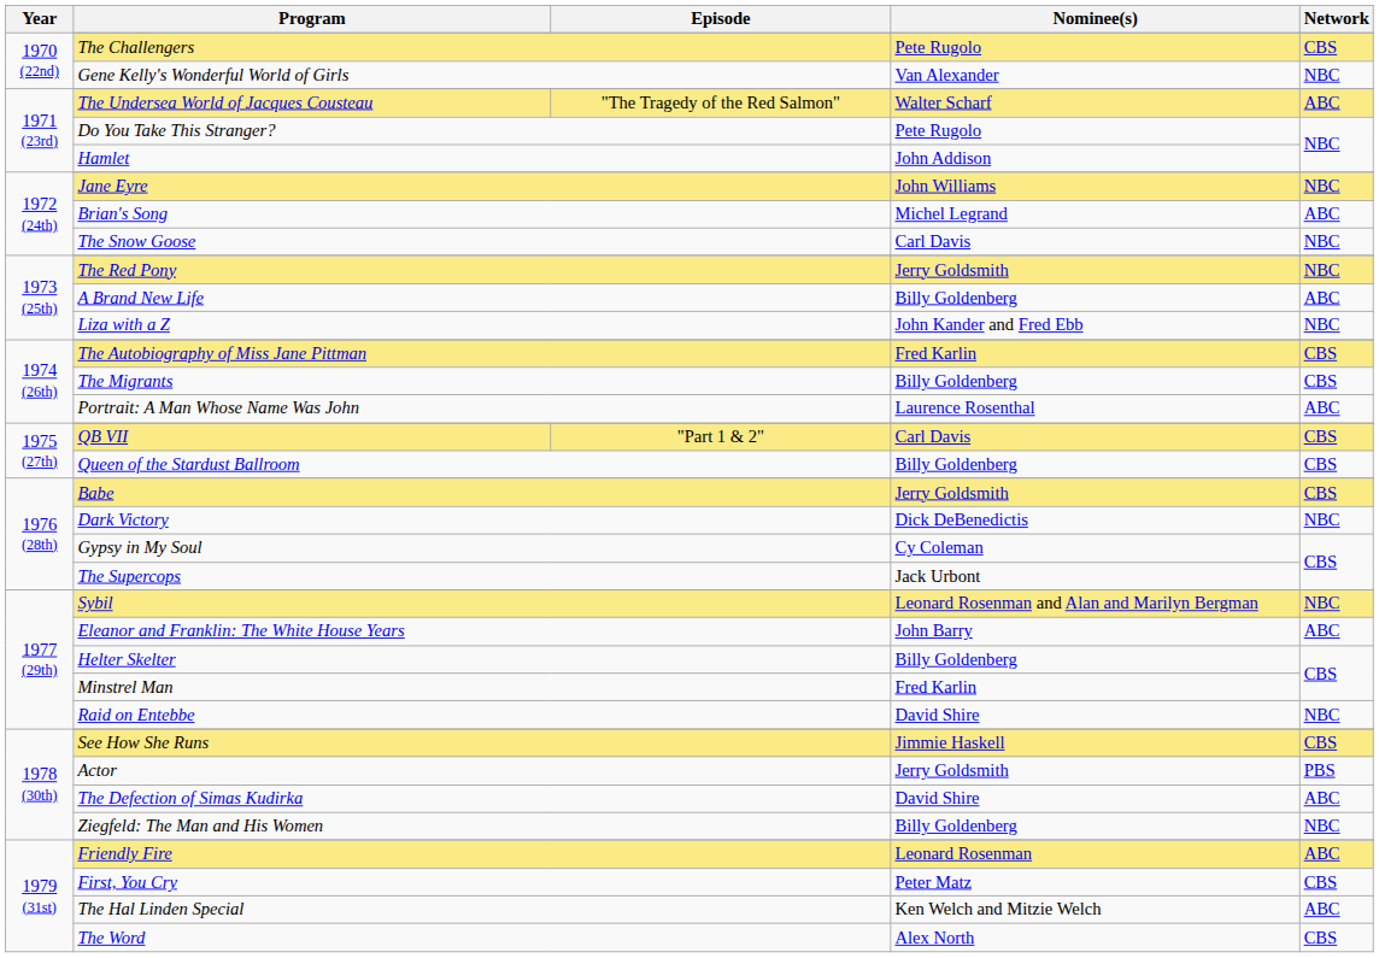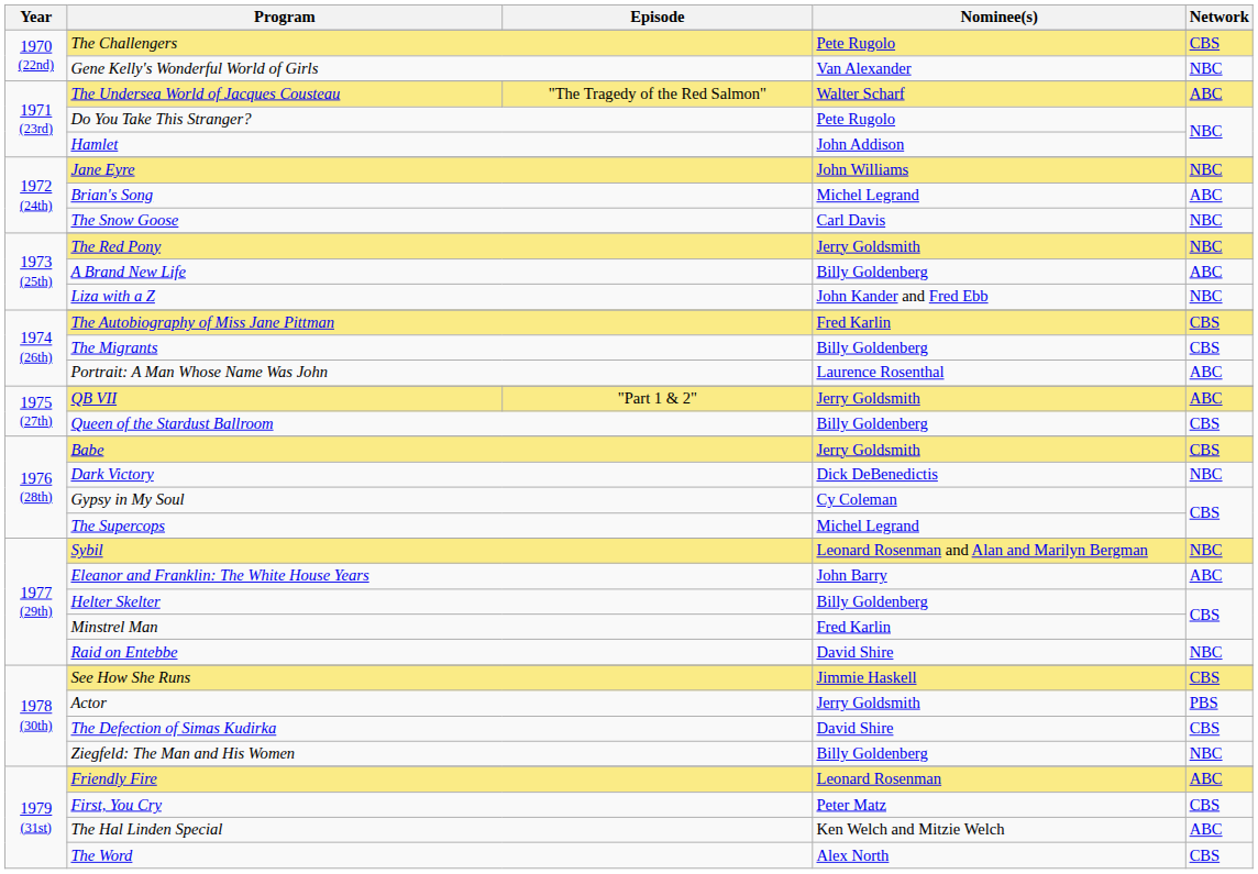 <table class="wikitable">
 <tr>
 <th width="5%">Year</th>
 <th width="35%">Program</th>
 <th width="25%">Episode</th>
 <th width="30%">Nominee(s)</th>
 <th width="5%">Network</th>
 </tr>
 <tr>
 <td rowspan="3" style="text-align:center;"><a href='#'>1970</a><br><small><a href='#'>(22nd)</a></small></td>
 </tr>
 <tr style="background:#FAEB86;">
 <td colspan=2><em>The Challengers</em></td>
 <td><a href='#'>Pete Rugolo</a></td>
 <td><a href='#'>CBS</a></td>
 </tr>
 <tr>
 <td colspan=2><em>Gene Kelly's Wonderful World of Girls</em></td>
 <td><a href='#'>Van Alexander</a></td>
 <td><a href='#'>NBC</a></td>
 </tr>
 <tr>
 <td rowspan="4" style="text-align:center;"><a href='#'>1971</a><br><small><a href='#'>(23rd)</a></small></td>
 </tr>
 <tr style="background:#FAEB86;">
 <td><em><a href='#'>The Undersea World of Jacques Cousteau</a></em></td>
 <td align=center>"The Tragedy of the Red Salmon"</td>
 <td><a href='#'>Walter Scharf</a></td>
 <td><a href='#'>ABC</a></td>
 </tr>
 <tr>
 <td colspan=2><em>Do You Take This Stranger?</em></td>
 <td><a href='#'>Pete Rugolo</a></td>
 <td rowspan=2><a href='#'>NBC</a></td>
 </tr>
 <tr>
 <td colspan=2><em><a href='#'>Hamlet</a></em></td>
 <td><a href='#'>John Addison</a></td>
 </tr>
 <tr>
 <td rowspan="4" style="text-align:center;"><a href='#'>1972</a><br><small><a href='#'>(24th)</a></small></td>
 </tr>
 <tr style="background:#FAEB86;">
 <td colspan=2><em><a href='#'>Jane Eyre</a></em></td>
 <td><a href='#'>John Williams</a></td>
 <td><a href='#'>NBC</a></td>
 </tr>
 <tr>
 <td colspan=2><em><a href='#'>Brian's Song</a></em></td>
 <td><a href='#'>Michel Legrand</a></td>
 <td><a href='#'>ABC</a></td>
 </tr>
 <tr>
 <td colspan=2><em><a href='#'>The Snow Goose</a></em></td>
 <td><a href='#'>Carl Davis</a></td>
 <td><a href='#'>NBC</a></td>
 </tr>
 <tr>
 <td rowspan="4" style="text-align:center;"><a href='#'>1973</a><br><small><a href='#'>(25th)</a></small></td>
 </tr>
 <tr style="background:#FAEB86;">
 <td colspan=2><em><a href='#'>The Red Pony</a></em></td>
 <td><a href='#'>Jerry Goldsmith</a></td>
 <td><a href='#'>NBC</a></td>
 </tr>
 <tr>
 <td colspan=2><em><a href='#'>A Brand New Life</a></em></td>
 <td><a href='#'>Billy Goldenberg</a></td>
 <td><a href='#'>ABC</a></td>
 </tr>
 <tr>
 <td colspan=2><em><a href='#'>Liza with a Z</a></em></td>
 <td><a href='#'>John Kander</a> and <a href='#'>Fred Ebb</a></td>
 <td><a href='#'>NBC</a></td>
 </tr>
 <tr>
 <td rowspan="4" style="text-align:center;"><a href='#'>1974</a><br><small><a href='#'>(26th)</a></small></td>
 </tr>
 <tr style="background:#FAEB86;">
 <td colspan=2><em><a href='#'>The Autobiography of Miss Jane Pittman</a></em></td>
 <td><a href='#'>Fred Karlin</a></td>
 <td><a href='#'>CBS</a></td>
 </tr>
 <tr>
 <td colspan=2><em><a href='#'>The Migrants</a></em></td>
 <td><a href='#'>Billy Goldenberg</a></td>
 <td><a href='#'>CBS</a></td>
 </tr>
 <tr>
 <td colspan=2><em>Portrait: A Man Whose Name Was John</em></td>
 <td><a href='#'>Laurence Rosenthal</a></td>
 <td><a href='#'>ABC</a></td>
 </tr>
 <tr>
 <td rowspan="3" style="text-align:center;"><a href='#'>1975</a><br><small><a href='#'>(27th)</a></small></td>
 </tr>
 <tr style="background:#FAEB86;">
 <td><em><a href='#'>QB VII</a></em></td>
 <td align=center>"Part 1 & 2"</td>
-<td><a href='#'>Carl Davis</a></td>
-<td><a href='#'>CBS</a></td>
+<td><a href='#'>Jerry Goldsmith</a></td>
+<td><a href='#'>ABC</a></td>
 </tr>
 <tr>
 <td colspan=2><em><a href='#'>Queen of the Stardust Ballroom</a></em></td>
 <td><a href='#'>Billy Goldenberg</a></td>
 <td><a href='#'>CBS</a></td>
 </tr>
 <tr>
 <td rowspan="5" style="text-align:center;"><a href='#'>1976</a><br><small><a href='#'>(28th)</a></small></td>
 </tr>
 <tr style="background:#FAEB86;">
 <td colspan=2><em><a href='#'>Babe</a></em></td>
 <td><a href='#'>Jerry Goldsmith</a></td>
 <td><a href='#'>CBS</a></td>
 </tr>
 <tr>
 <td colspan=2><em><a href='#'>Dark Victory</a></em></td>
 <td><a href='#'>Dick DeBenedictis</a></td>
 <td><a href='#'>NBC</a></td>
 </tr>
 <tr>
 <td colspan=2><em>Gypsy in My Soul</em></td>
 <td><a href='#'>Cy Coleman</a></td>
 <td rowspan=2><a href='#'>CBS</a></td>
 </tr>
 <tr>
 <td colspan=2><em><a href='#'>The Supercops</a></em></td>
-<td>Jack Urbont</td>
+<td><a href='#'>Michel Legrand</a></td>
 </tr>
 <tr>
 <td rowspan="6" style="text-align:center;"><a href='#'>1977</a><br><small><a href='#'>(29th)</a></small></td>
 </tr>
 <tr style="background:#FAEB86;">
 <td colspan=2><em><a href='#'>Sybil</a></em></td>
 <td><a href='#'>Leonard Rosenman</a> and <a href='#'>Alan and Marilyn Bergman</a></td>
 <td><a href='#'>NBC</a></td>
 </tr>
 <tr>
 <td colspan=2><em><a href='#'>Eleanor and Franklin: The White House Years</a></em></td>
 <td><a href='#'>John Barry</a></td>
 <td><a href='#'>ABC</a></td>
 </tr>
 <tr>
 <td colspan=2><em><a href='#'>Helter Skelter</a></em></td>
 <td><a href='#'>Billy Goldenberg</a></td>
 <td rowspan=2><a href='#'>CBS</a></td>
 </tr>
 <tr>
 <td colspan=2><em>Minstrel Man</em></td>
 <td><a href='#'>Fred Karlin</a></td>
 </tr>
 <tr>
 <td colspan=2><em><a href='#'>Raid on Entebbe</a></em></td>
 <td><a href='#'>David Shire</a></td>
 <td><a href='#'>NBC</a></td>
 </tr>
 <tr>
 <td rowspan="5" style="text-align:center;"><a href='#'>1978</a><br><small><a href='#'>(30th)</a></small></td>
 </tr>
 <tr style="background:#FAEB86;">
 <td colspan=2><em>See How She Runs</em></td>
 <td><a href='#'>Jimmie Haskell</a></td>
 <td><a href='#'>CBS</a></td>
 </tr>
 <tr>
 <td colspan=2><em>Actor</em></td>
 <td><a href='#'>Jerry Goldsmith</a></td>
 <td><a href='#'>PBS</a></td>
 </tr>
 <tr>
 <td colspan=2><em><a href='#'>The Defection of Simas Kudirka</a></em></td>
 <td><a href='#'>David Shire</a></td>
-<td><a href='#'>ABC</a></td>
+<td><a href='#'>CBS</a></td>
 </tr>
 <tr>
 <td colspan=2><em>Ziegfeld: The Man and His Women</em></td>
 <td><a href='#'>Billy Goldenberg</a></td>
 <td><a href='#'>NBC</a></td>
 </tr>
 <tr>
 <td rowspan="5" style="text-align:center;"><a href='#'>1979</a><br><small><a href='#'>(31st)</a></small></td>
 </tr>
 <tr style="background:#FAEB86;">
 <td colspan=2><em><a href='#'>Friendly Fire</a></em></td>
 <td><a href='#'>Leonard Rosenman</a></td>
 <td><a href='#'>ABC</a></td>
 </tr>
 <tr>
 <td colspan=2><em><a href='#'>First, You Cry</a></em></td>
 <td><a href='#'>Peter Matz</a></td>
 <td><a href='#'>CBS</a></td>
 </tr>
 <tr>
 <td colspan=2><em>The Hal Linden Special</em></td>
 <td>Ken Welch and Mitzie Welch</td>
 <td><a href='#'>ABC</a></td>
 </tr>
 <tr>
 <td colspan=2><em><a href='#'>The Word</a></em></td>
 <td><a href='#'>Alex North</a></td>
 <td><a href='#'>CBS</a></td>
 </tr>
 </table>
